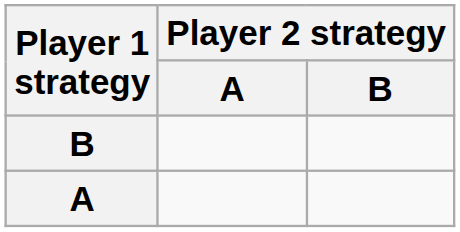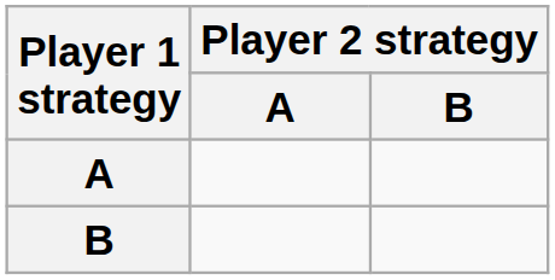 <table class="wikitable floatright" style="text-align:center; font-size:95%; margin-left:1em; margin-bottom:1em">
 <tr>
 <th scope="col" rowspan="2">Player 1<br> strategy</th>
 <th scope="col" colspan="4">Player 2 strategy</th>
 </tr>
 <tr>
 <th scope="col">A</th>
 <th scope="col">B</th>
 </tr>
 <tr>
+<th scope="row">A</th>
+<td></td>
+<td></td>
+</tr>
+<tr>
 <th scope="row">B</th>
 <td></td>
 <td></td>
 </tr>
-<tr>
-<th scope="row">A</th>
-<td></td>
-<td></td>
-</tr>
 </table>
